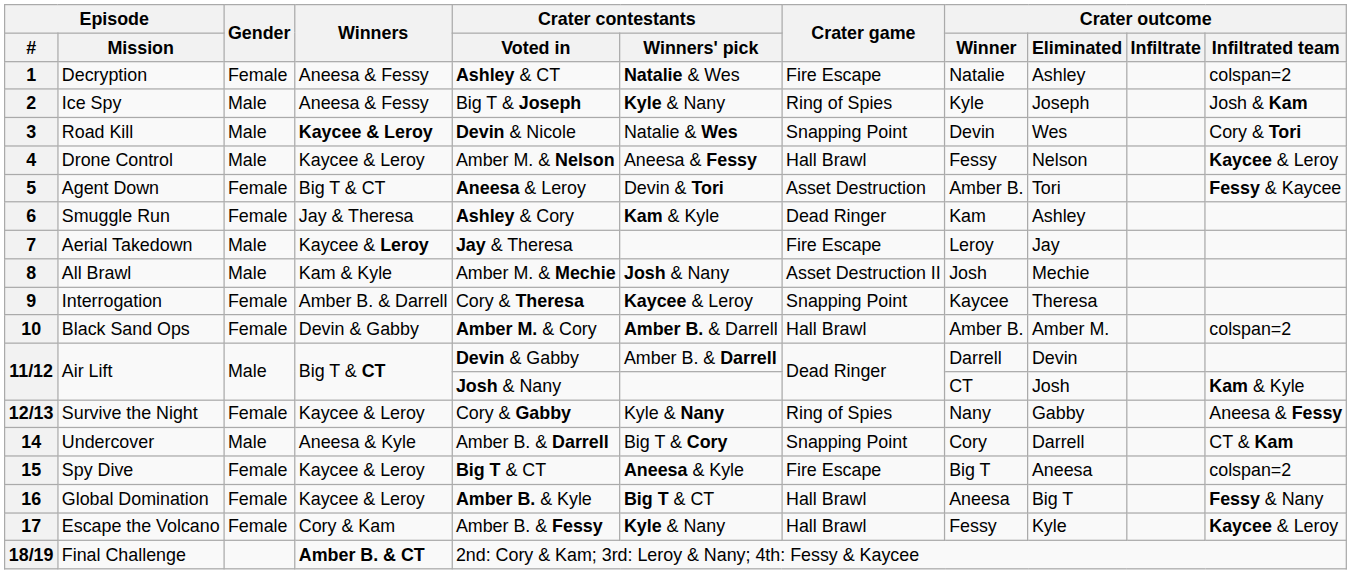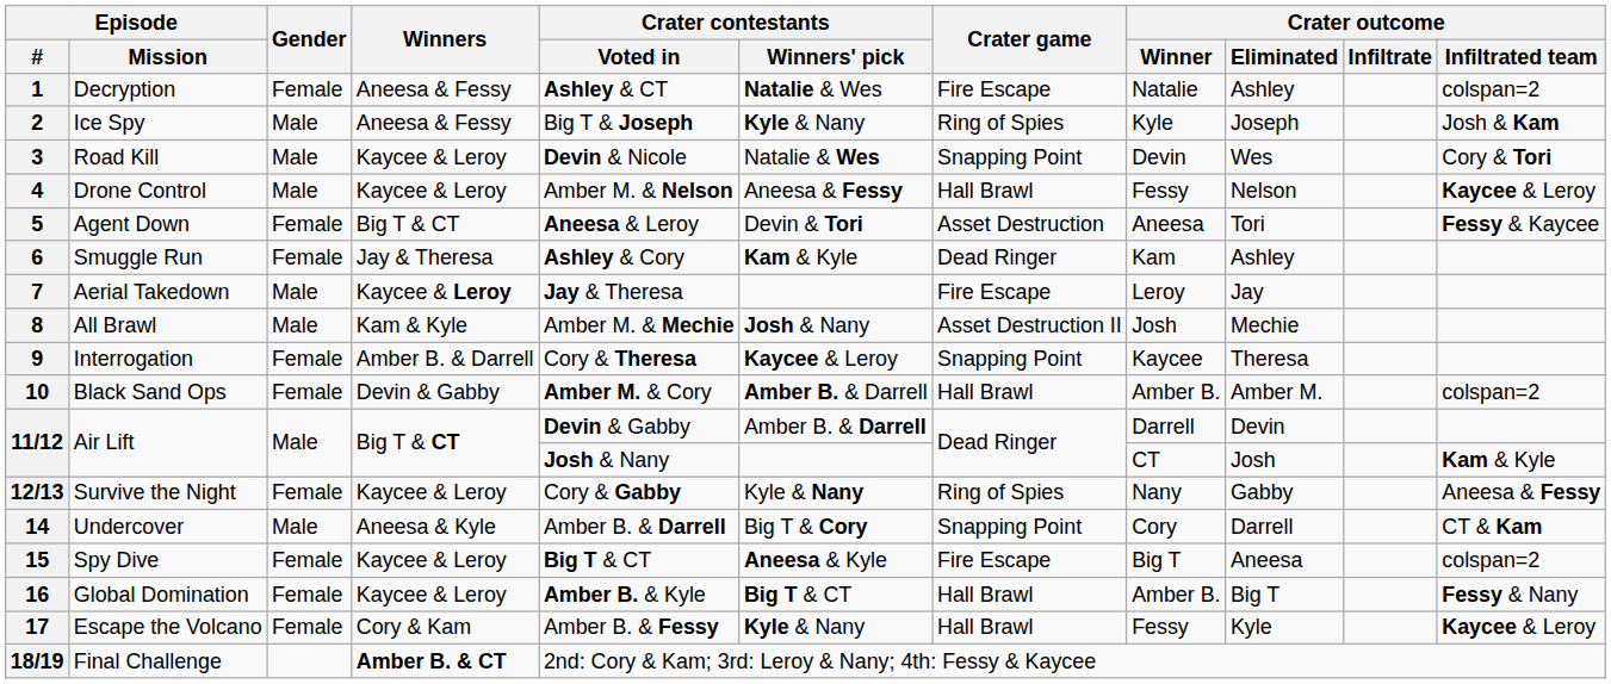 <table class="wikitable" style="font-size:90%; white-space:nowrap">
 <tr>
 <th colspan=2>Episode</th>
 <th rowspan=2>Gender</th>
 <th rowspan=2>Winners</th>
 <th colspan=2>Crater contestants</th>
 <th rowspan=2>Crater game</th>
 <th colspan="5">Crater outcome</th>
 </tr>
 <tr>
 <th>#</th>
 <th>Mission</th>
 <th>Voted in</th>
 <th>Winners' pick</th>
 <th>Winner</th>
 <th>Eliminated</th>
 <th>Infiltrate</th>
 <th>Infiltrated team</th>
 </tr>
 <tr>
 <th>1</th>
 <td>Decryption</td>
 <td>Female</td>
 <td>Aneesa & Fessy</td>
 <td><strong>Ashley</strong> & CT</td>
 <td><strong>Natalie</strong> & Wes</td>
 <td>Fire Escape</td>
 <td>Natalie</td>
 <td>Ashley</td>
 <td></td>
 <td>colspan=2 </td>
 </tr>
 <tr>
 <th>2</th>
 <td>Ice Spy</td>
 <td>Male</td>
 <td>Aneesa & Fessy</td>
 <td>Big T & <strong>Joseph</strong></td>
 <td><strong>Kyle</strong> & Nany</td>
 <td>Ring of Spies</td>
 <td>Kyle</td>
 <td>Joseph</td>
 <td></td>
 <td>Josh & <strong>Kam</strong></td>
 </tr>
 <tr>
 <th>3</th>
 <td>Road Kill</td>
 <td>Male</td>
-<td><strong>Kaycee & Leroy</strong></td>
+<td>Kaycee & Leroy</td>
 <td><strong>Devin</strong> & Nicole</td>
 <td>Natalie & <strong>Wes</strong></td>
 <td>Snapping Point</td>
 <td>Devin</td>
 <td>Wes</td>
 <td></td>
 <td>Cory & <strong>Tori</strong></td>
 </tr>
 <tr>
 <th>4</th>
 <td>Drone Control</td>
 <td>Male</td>
 <td>Kaycee & Leroy</td>
 <td>Amber M. & <strong>Nelson</strong></td>
 <td>Aneesa & <strong>Fessy</strong></td>
 <td>Hall Brawl</td>
 <td>Fessy</td>
 <td>Nelson</td>
 <td></td>
 <td><strong>Kaycee</strong> & Leroy</td>
 </tr>
 <tr>
 <th>5</th>
 <td>Agent Down</td>
 <td>Female</td>
 <td>Big T & CT</td>
 <td><strong>Aneesa</strong> & Leroy</td>
 <td>Devin & <strong>Tori</strong></td>
 <td>Asset Destruction</td>
-<td>Amber B.</td>
+<td>Aneesa</td>
 <td>Tori</td>
 <td></td>
 <td><strong>Fessy</strong> & Kaycee</td>
 </tr>
 <tr>
 <th>6</th>
 <td>Smuggle Run</td>
 <td>Female</td>
 <td>Jay & Theresa</td>
 <td><strong>Ashley</strong> & Cory</td>
 <td><strong>Kam</strong> & Kyle</td>
 <td>Dead Ringer</td>
 <td>Kam</td>
 <td>Ashley</td>
 <td></td>
 <td></td>
 </tr>
 <tr>
 <th>7</th>
 <td>Aerial Takedown</td>
 <td>Male</td>
 <td>Kaycee & <strong>Leroy</strong></td>
 <td><strong>Jay</strong> & Theresa</td>
 <td></td>
 <td>Fire Escape</td>
 <td>Leroy</td>
 <td>Jay</td>
 <td></td>
 <td></td>
 </tr>
 <tr>
 <th>8</th>
 <td>All Brawl</td>
 <td>Male</td>
 <td>Kam & Kyle</td>
 <td>Amber M. & <strong>Mechie</strong></td>
 <td><strong>Josh</strong> & Nany</td>
 <td>Asset Destruction II</td>
 <td>Josh</td>
 <td>Mechie</td>
 <td></td>
 <td></td>
 </tr>
 <tr>
 <th>9</th>
 <td>Interrogation</td>
 <td>Female</td>
 <td>Amber B. & Darrell</td>
 <td>Cory & <strong>Theresa</strong></td>
 <td><strong>Kaycee</strong> & Leroy</td>
 <td>Snapping Point</td>
 <td>Kaycee</td>
 <td>Theresa</td>
 <td></td>
 <td></td>
 </tr>
 <tr>
 <th>10</th>
 <td>Black Sand Ops</td>
 <td>Female</td>
 <td>Devin & Gabby</td>
 <td><strong>Amber M.</strong> & Cory</td>
 <td><strong>Amber B.</strong> & Darrell</td>
 <td>Hall Brawl</td>
 <td>Amber B.</td>
 <td>Amber M.</td>
 <td></td>
 <td>colspan=2 </td>
 </tr>
 <tr>
 <th rowspan=2>11/12</th>
 <td rowspan=2>Air Lift</td>
 <td rowspan=2>Male</td>
 <td rowspan=2>Big T & <strong>CT</strong></td>
 <td><strong>Devin</strong> & Gabby</td>
 <td>Amber B. & <strong>Darrell</strong></td>
 <td rowspan=2>Dead Ringer</td>
 <td>Darrell</td>
 <td>Devin</td>
 <td></td>
 <td></td>
 </tr>
 <tr>
 <td><strong>Josh</strong> & Nany</td>
 <td></td>
 <td>CT</td>
 <td>Josh</td>
 <td></td>
 <td><strong>Kam</strong> & Kyle</td>
 </tr>
 <tr>
 <th>12/13</th>
 <td>Survive the Night</td>
 <td>Female</td>
 <td>Kaycee & Leroy</td>
 <td>Cory & <strong>Gabby</strong></td>
 <td>Kyle & <strong>Nany</strong></td>
 <td>Ring of Spies</td>
 <td>Nany</td>
 <td>Gabby</td>
 <td></td>
 <td>Aneesa & <strong>Fessy</strong></td>
 </tr>
 <tr>
 <th>14</th>
 <td>Undercover</td>
 <td>Male</td>
 <td>Aneesa & Kyle</td>
 <td>Amber B. & <strong>Darrell</strong></td>
 <td>Big T & <strong>Cory</strong></td>
 <td>Snapping Point</td>
 <td>Cory</td>
 <td>Darrell</td>
 <td></td>
 <td>CT & <strong>Kam</strong></td>
 </tr>
 <tr>
 <th>15</th>
 <td>Spy Dive</td>
 <td>Female</td>
 <td>Kaycee & Leroy</td>
 <td><strong>Big T</strong> & CT</td>
 <td><strong>Aneesa</strong> & Kyle</td>
 <td>Fire Escape</td>
 <td>Big T</td>
 <td>Aneesa</td>
 <td></td>
 <td>colspan=2 </td>
 </tr>
 <tr>
 <th>16</th>
 <td>Global Domination</td>
 <td>Female</td>
 <td>Kaycee & Leroy</td>
 <td><strong>Amber B.</strong> & Kyle</td>
 <td><strong>Big T</strong> & CT</td>
 <td>Hall Brawl</td>
-<td>Aneesa</td>
+<td>Amber B.</td>
 <td>Big T</td>
 <td></td>
 <td><strong>Fessy</strong> & Nany</td>
 </tr>
 <tr>
 <th>17</th>
 <td>Escape the Volcano</td>
 <td>Female</td>
 <td>Cory & Kam</td>
 <td>Amber B. & <strong>Fessy</strong></td>
 <td><strong>Kyle</strong> & Nany</td>
 <td>Hall Brawl</td>
 <td>Fessy</td>
 <td>Kyle</td>
 <td></td>
 <td><strong>Kaycee</strong> & Leroy</td>
 </tr>
 <tr>
 <th>18/19</th>
 <td>Final Challenge</td>
 <td></td>
 <td><strong>Amber B. & CT</strong></td>
 <td colspan=10>2nd: Cory & Kam; 3rd: Leroy & Nany; 4th: Fessy & Kaycee</td>
 </tr>
 </table>
